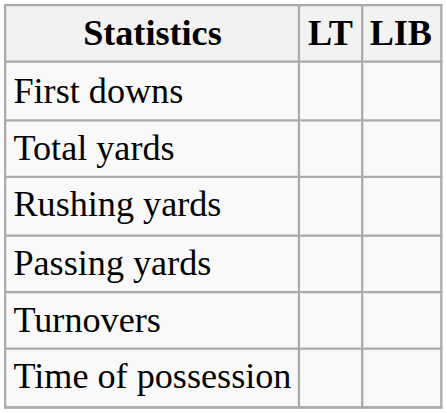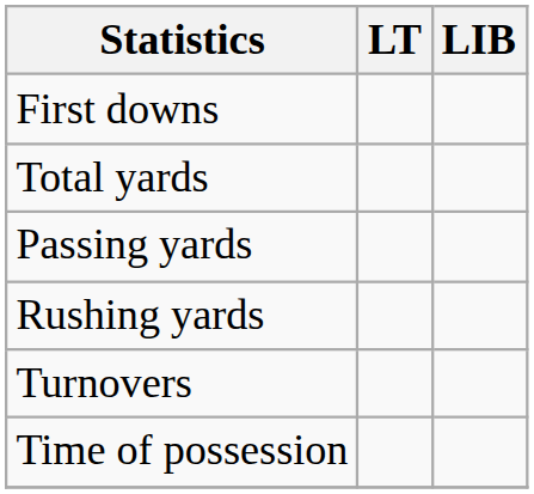 <table class="wikitable">
 <tr>
 <th>Statistics</th>
 <th>LT</th>
 <th>LIB</th>
 </tr>
 <tr>
 <td>First downs</td>
 <td></td>
 <td></td>
 </tr>
 <tr>
 <td>Total yards</td>
 <td></td>
 <td></td>
 </tr>
 <tr>
-<td>Rushing yards</td>
+<td>Passing yards</td>
 <td></td>
 <td></td>
 </tr>
 <tr>
-<td>Passing yards</td>
+<td>Rushing yards</td>
 <td></td>
 <td></td>
 </tr>
 <tr>
 <td>Turnovers</td>
 <td></td>
 <td></td>
 </tr>
 <tr>
 <td>Time of possession</td>
 <td></td>
 <td></td>
 </tr>
 <tr>
 </tr>
 </table>
